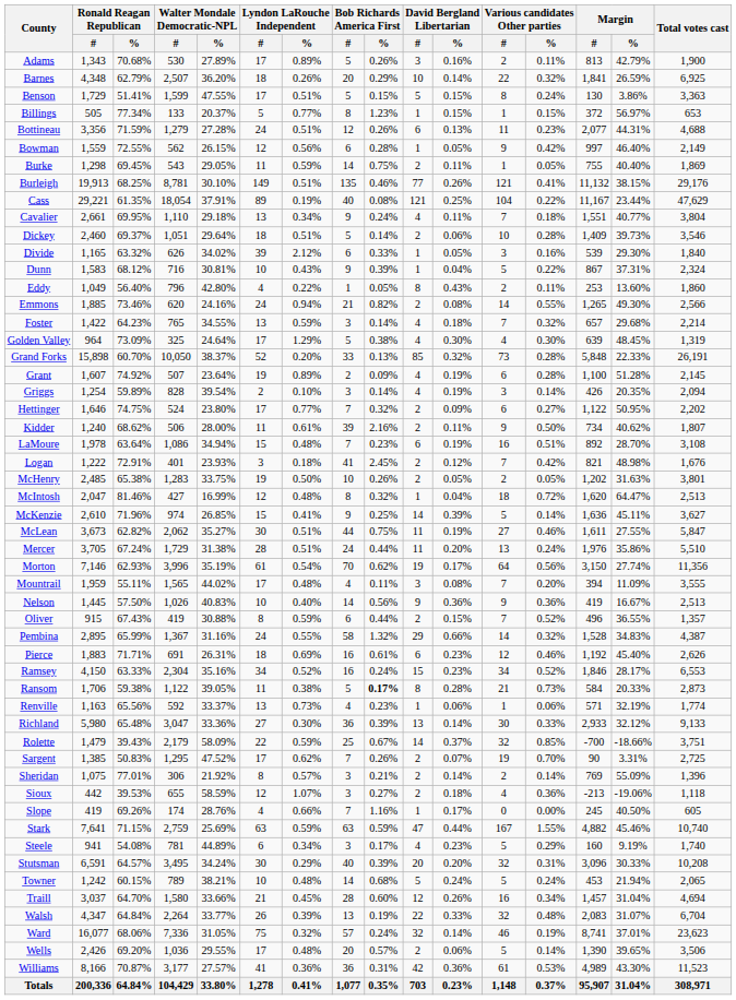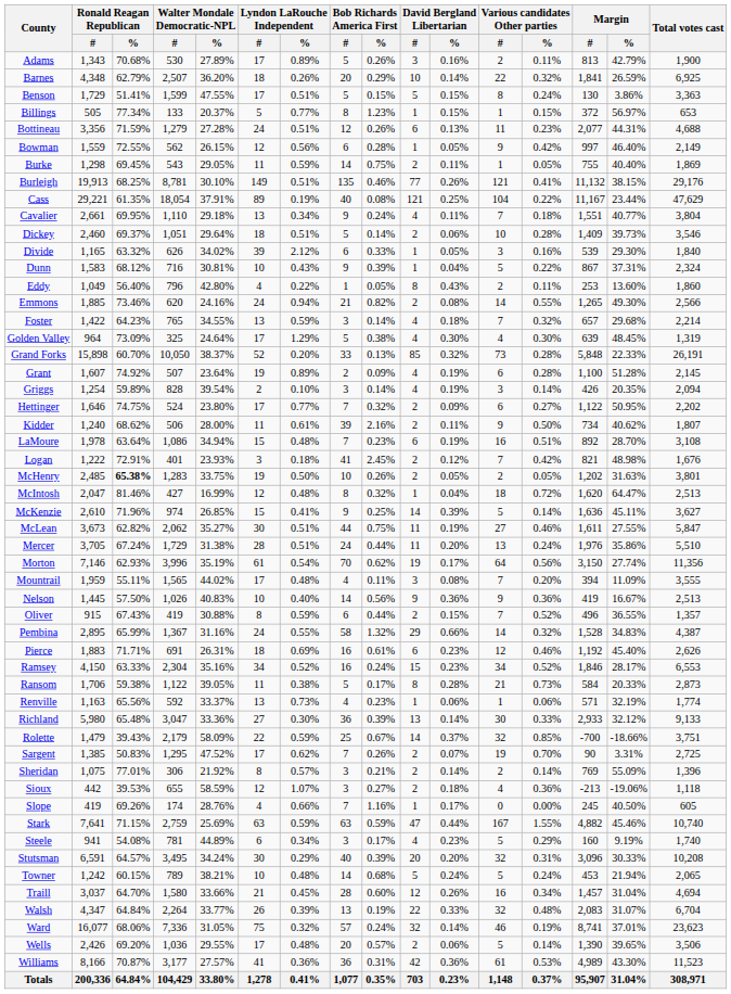 <table class="wikitable sortable">
 <tr>
 <th rowspan="2">County</th>
 <th colspan="2">Ronald Reagan<br>Republican</th>
 <th colspan="2">Walter Mondale<br>Democratic-NPL</th>
 <th colspan="2">Lyndon LaRouche<br>Independent</th>
 <th colspan="2">Bob Richards<br>America First</th>
 <th colspan="2">David Bergland<br>Libertarian</th>
 <th colspan="2">Various candidates<br>Other parties</th>
 <th colspan="2">Margin</th>
 <th rowspan="2">Total votes cast</th>
 </tr>
 <tr style="text-align:center;">
 <th data-sort-type="number">#</th>
 <th data-sort-type="number">%</th>
 <th data-sort-type="number">#</th>
 <th data-sort-type="number">%</th>
 <th data-sort-type="number">#</th>
 <th data-sort-type="number">%</th>
 <th data-sort-type="number">#</th>
 <th data-sort-type="number">%</th>
 <th data-sort-type="number">#</th>
 <th data-sort-type="number">%</th>
 <th data-sort-type="number">#</th>
 <th data-sort-type="number">%</th>
 <th data-sort-type="number">#</th>
 <th data-sort-type="number">%</th>
 </tr>
 <tr style="text-align:center;">
 <td><a href='#'>Adams</a></td>
 <td>1,343</td>
 <td>70.68%</td>
 <td>530</td>
 <td>27.89%</td>
 <td>17</td>
 <td>0.89%</td>
 <td>5</td>
 <td>0.26%</td>
 <td>3</td>
 <td>0.16%</td>
 <td>2</td>
 <td>0.11%</td>
 <td>813</td>
 <td>42.79%</td>
 <td>1,900</td>
 </tr>
 <tr style="text-align:center;">
 <td><a href='#'>Barnes</a></td>
 <td>4,348</td>
 <td>62.79%</td>
 <td>2,507</td>
 <td>36.20%</td>
 <td>18</td>
 <td>0.26%</td>
 <td>20</td>
 <td>0.29%</td>
 <td>10</td>
 <td>0.14%</td>
 <td>22</td>
 <td>0.32%</td>
 <td>1,841</td>
 <td>26.59%</td>
 <td>6,925</td>
 </tr>
 <tr style="text-align:center;">
 <td><a href='#'>Benson</a></td>
 <td>1,729</td>
 <td>51.41%</td>
 <td>1,599</td>
 <td>47.55%</td>
 <td>17</td>
 <td>0.51%</td>
 <td>5</td>
 <td>0.15%</td>
 <td>5</td>
 <td>0.15%</td>
 <td>8</td>
 <td>0.24%</td>
 <td>130</td>
 <td>3.86%</td>
 <td>3,363</td>
 </tr>
 <tr style="text-align:center;">
 <td><a href='#'>Billings</a></td>
 <td>505</td>
 <td>77.34%</td>
 <td>133</td>
 <td>20.37%</td>
 <td>5</td>
 <td>0.77%</td>
 <td>8</td>
 <td>1.23%</td>
 <td>1</td>
 <td>0.15%</td>
 <td>1</td>
 <td>0.15%</td>
 <td>372</td>
 <td>56.97%</td>
 <td>653</td>
 </tr>
 <tr style="text-align:center;">
 <td><a href='#'>Bottineau</a></td>
 <td>3,356</td>
 <td>71.59%</td>
 <td>1,279</td>
 <td>27.28%</td>
 <td>24</td>
 <td>0.51%</td>
 <td>12</td>
 <td>0.26%</td>
 <td>6</td>
 <td>0.13%</td>
 <td>11</td>
 <td>0.23%</td>
 <td>2,077</td>
 <td>44.31%</td>
 <td>4,688</td>
 </tr>
 <tr style="text-align:center;">
 <td><a href='#'>Bowman</a></td>
 <td>1,559</td>
 <td>72.55%</td>
 <td>562</td>
 <td>26.15%</td>
 <td>12</td>
 <td>0.56%</td>
 <td>6</td>
 <td>0.28%</td>
 <td>1</td>
 <td>0.05%</td>
 <td>9</td>
 <td>0.42%</td>
 <td>997</td>
 <td>46.40%</td>
 <td>2,149</td>
 </tr>
 <tr style="text-align:center;">
 <td><a href='#'>Burke</a></td>
 <td>1,298</td>
 <td>69.45%</td>
 <td>543</td>
 <td>29.05%</td>
 <td>11</td>
 <td>0.59%</td>
 <td>14</td>
 <td>0.75%</td>
 <td>2</td>
 <td>0.11%</td>
 <td>1</td>
 <td>0.05%</td>
 <td>755</td>
 <td>40.40%</td>
 <td>1,869</td>
 </tr>
 <tr style="text-align:center;">
 <td><a href='#'>Burleigh</a></td>
 <td>19,913</td>
 <td>68.25%</td>
 <td>8,781</td>
 <td>30.10%</td>
 <td>149</td>
 <td>0.51%</td>
 <td>135</td>
 <td>0.46%</td>
 <td>77</td>
 <td>0.26%</td>
 <td>121</td>
 <td>0.41%</td>
 <td>11,132</td>
 <td>38.15%</td>
 <td>29,176</td>
 </tr>
 <tr style="text-align:center;">
 <td><a href='#'>Cass</a></td>
 <td>29,221</td>
 <td>61.35%</td>
 <td>18,054</td>
 <td>37.91%</td>
 <td>89</td>
 <td>0.19%</td>
 <td>40</td>
 <td>0.08%</td>
 <td>121</td>
 <td>0.25%</td>
 <td>104</td>
 <td>0.22%</td>
 <td>11,167</td>
 <td>23.44%</td>
 <td>47,629</td>
 </tr>
 <tr style="text-align:center;">
 <td><a href='#'>Cavalier</a></td>
 <td>2,661</td>
 <td>69.95%</td>
 <td>1,110</td>
 <td>29.18%</td>
 <td>13</td>
 <td>0.34%</td>
 <td>9</td>
 <td>0.24%</td>
 <td>4</td>
 <td>0.11%</td>
 <td>7</td>
 <td>0.18%</td>
 <td>1,551</td>
 <td>40.77%</td>
 <td>3,804</td>
 </tr>
 <tr style="text-align:center;">
 <td><a href='#'>Dickey</a></td>
 <td>2,460</td>
 <td>69.37%</td>
 <td>1,051</td>
 <td>29.64%</td>
 <td>18</td>
 <td>0.51%</td>
 <td>5</td>
 <td>0.14%</td>
 <td>2</td>
 <td>0.06%</td>
 <td>10</td>
 <td>0.28%</td>
 <td>1,409</td>
 <td>39.73%</td>
 <td>3,546</td>
 </tr>
 <tr style="text-align:center;">
 <td><a href='#'>Divide</a></td>
 <td>1,165</td>
 <td>63.32%</td>
 <td>626</td>
 <td>34.02%</td>
 <td>39</td>
 <td>2.12%</td>
 <td>6</td>
 <td>0.33%</td>
 <td>1</td>
 <td>0.05%</td>
 <td>3</td>
 <td>0.16%</td>
 <td>539</td>
 <td>29.30%</td>
 <td>1,840</td>
 </tr>
 <tr style="text-align:center;">
 <td><a href='#'>Dunn</a></td>
 <td>1,583</td>
 <td>68.12%</td>
 <td>716</td>
 <td>30.81%</td>
 <td>10</td>
 <td>0.43%</td>
 <td>9</td>
 <td>0.39%</td>
 <td>1</td>
 <td>0.04%</td>
 <td>5</td>
 <td>0.22%</td>
 <td>867</td>
 <td>37.31%</td>
 <td>2,324</td>
 </tr>
 <tr style="text-align:center;">
 <td><a href='#'>Eddy</a></td>
 <td>1,049</td>
 <td>56.40%</td>
 <td>796</td>
 <td>42.80%</td>
 <td>4</td>
 <td>0.22%</td>
 <td>1</td>
 <td>0.05%</td>
 <td>8</td>
 <td>0.43%</td>
 <td>2</td>
 <td>0.11%</td>
 <td>253</td>
 <td>13.60%</td>
 <td>1,860</td>
 </tr>
 <tr style="text-align:center;">
 <td><a href='#'>Emmons</a></td>
 <td>1,885</td>
 <td>73.46%</td>
 <td>620</td>
 <td>24.16%</td>
 <td>24</td>
 <td>0.94%</td>
 <td>21</td>
 <td>0.82%</td>
 <td>2</td>
 <td>0.08%</td>
 <td>14</td>
 <td>0.55%</td>
 <td>1,265</td>
 <td>49.30%</td>
 <td>2,566</td>
 </tr>
 <tr style="text-align:center;">
 <td><a href='#'>Foster</a></td>
 <td>1,422</td>
 <td>64.23%</td>
 <td>765</td>
 <td>34.55%</td>
 <td>13</td>
 <td>0.59%</td>
 <td>3</td>
 <td>0.14%</td>
 <td>4</td>
 <td>0.18%</td>
 <td>7</td>
 <td>0.32%</td>
 <td>657</td>
 <td>29.68%</td>
 <td>2,214</td>
 </tr>
 <tr style="text-align:center;">
 <td><a href='#'>Golden Valley</a></td>
 <td>964</td>
 <td>73.09%</td>
 <td>325</td>
 <td>24.64%</td>
 <td>17</td>
 <td>1.29%</td>
 <td>5</td>
 <td>0.38%</td>
 <td>4</td>
 <td>0.30%</td>
 <td>4</td>
 <td>0.30%</td>
 <td>639</td>
 <td>48.45%</td>
 <td>1,319</td>
 </tr>
 <tr style="text-align:center;">
 <td><a href='#'>Grand Forks</a></td>
 <td>15,898</td>
 <td>60.70%</td>
 <td>10,050</td>
 <td>38.37%</td>
 <td>52</td>
 <td>0.20%</td>
 <td>33</td>
 <td>0.13%</td>
 <td>85</td>
 <td>0.32%</td>
 <td>73</td>
 <td>0.28%</td>
 <td>5,848</td>
 <td>22.33%</td>
 <td>26,191</td>
 </tr>
 <tr style="text-align:center;">
 <td><a href='#'>Grant</a></td>
 <td>1,607</td>
 <td>74.92%</td>
 <td>507</td>
 <td>23.64%</td>
 <td>19</td>
 <td>0.89%</td>
 <td>2</td>
 <td>0.09%</td>
 <td>4</td>
 <td>0.19%</td>
 <td>6</td>
 <td>0.28%</td>
 <td>1,100</td>
 <td>51.28%</td>
 <td>2,145</td>
 </tr>
 <tr style="text-align:center;">
 <td><a href='#'>Griggs</a></td>
 <td>1,254</td>
 <td>59.89%</td>
 <td>828</td>
 <td>39.54%</td>
 <td>2</td>
 <td>0.10%</td>
 <td>3</td>
 <td>0.14%</td>
 <td>4</td>
 <td>0.19%</td>
 <td>3</td>
 <td>0.14%</td>
 <td>426</td>
 <td>20.35%</td>
 <td>2,094</td>
 </tr>
 <tr style="text-align:center;">
 <td><a href='#'>Hettinger</a></td>
 <td>1,646</td>
 <td>74.75%</td>
 <td>524</td>
 <td>23.80%</td>
 <td>17</td>
 <td>0.77%</td>
 <td>7</td>
 <td>0.32%</td>
 <td>2</td>
 <td>0.09%</td>
 <td>6</td>
 <td>0.27%</td>
 <td>1,122</td>
 <td>50.95%</td>
 <td>2,202</td>
 </tr>
 <tr style="text-align:center;">
 <td><a href='#'>Kidder</a></td>
 <td>1,240</td>
 <td>68.62%</td>
 <td>506</td>
 <td>28.00%</td>
 <td>11</td>
 <td>0.61%</td>
 <td>39</td>
 <td>2.16%</td>
 <td>2</td>
 <td>0.11%</td>
 <td>9</td>
 <td>0.50%</td>
 <td>734</td>
 <td>40.62%</td>
 <td>1,807</td>
 </tr>
 <tr style="text-align:center;">
 <td><a href='#'>LaMoure</a></td>
 <td>1,978</td>
 <td>63.64%</td>
 <td>1,086</td>
 <td>34.94%</td>
 <td>15</td>
 <td>0.48%</td>
 <td>7</td>
 <td>0.23%</td>
 <td>6</td>
 <td>0.19%</td>
 <td>16</td>
 <td>0.51%</td>
 <td>892</td>
 <td>28.70%</td>
 <td>3,108</td>
 </tr>
 <tr style="text-align:center;">
 <td><a href='#'>Logan</a></td>
 <td>1,222</td>
 <td>72.91%</td>
 <td>401</td>
 <td>23.93%</td>
 <td>3</td>
 <td>0.18%</td>
 <td>41</td>
 <td>2.45%</td>
 <td>2</td>
 <td>0.12%</td>
 <td>7</td>
 <td>0.42%</td>
 <td>821</td>
 <td>48.98%</td>
 <td>1,676</td>
 </tr>
 <tr style="text-align:center;">
 <td><a href='#'>McHenry</a></td>
 <td>2,485</td>
-<td>65.38%</td>
+<td><strong>65.38%</strong></td>
 <td>1,283</td>
 <td>33.75%</td>
 <td>19</td>
 <td>0.50%</td>
 <td>10</td>
 <td>0.26%</td>
 <td>2</td>
 <td>0.05%</td>
 <td>2</td>
 <td>0.05%</td>
 <td>1,202</td>
 <td>31.63%</td>
 <td>3,801</td>
 </tr>
 <tr style="text-align:center;">
 <td><a href='#'>McIntosh</a></td>
 <td>2,047</td>
 <td>81.46%</td>
 <td>427</td>
 <td>16.99%</td>
 <td>12</td>
 <td>0.48%</td>
 <td>8</td>
 <td>0.32%</td>
 <td>1</td>
 <td>0.04%</td>
 <td>18</td>
 <td>0.72%</td>
 <td>1,620</td>
 <td>64.47%</td>
 <td>2,513</td>
 </tr>
 <tr style="text-align:center;">
 <td><a href='#'>McKenzie</a></td>
 <td>2,610</td>
 <td>71.96%</td>
 <td>974</td>
 <td>26.85%</td>
 <td>15</td>
 <td>0.41%</td>
 <td>9</td>
 <td>0.25%</td>
 <td>14</td>
 <td>0.39%</td>
 <td>5</td>
 <td>0.14%</td>
 <td>1,636</td>
 <td>45.11%</td>
 <td>3,627</td>
 </tr>
 <tr style="text-align:center;">
 <td><a href='#'>McLean</a></td>
 <td>3,673</td>
 <td>62.82%</td>
 <td>2,062</td>
 <td>35.27%</td>
 <td>30</td>
 <td>0.51%</td>
 <td>44</td>
 <td>0.75%</td>
 <td>11</td>
 <td>0.19%</td>
 <td>27</td>
 <td>0.46%</td>
 <td>1,611</td>
 <td>27.55%</td>
 <td>5,847</td>
 </tr>
 <tr style="text-align:center;">
 <td><a href='#'>Mercer</a></td>
 <td>3,705</td>
 <td>67.24%</td>
 <td>1,729</td>
 <td>31.38%</td>
 <td>28</td>
 <td>0.51%</td>
 <td>24</td>
 <td>0.44%</td>
 <td>11</td>
 <td>0.20%</td>
 <td>13</td>
 <td>0.24%</td>
 <td>1,976</td>
 <td>35.86%</td>
 <td>5,510</td>
 </tr>
 <tr style="text-align:center;">
 <td><a href='#'>Morton</a></td>
 <td>7,146</td>
 <td>62.93%</td>
 <td>3,996</td>
 <td>35.19%</td>
 <td>61</td>
 <td>0.54%</td>
 <td>70</td>
 <td>0.62%</td>
 <td>19</td>
 <td>0.17%</td>
 <td>64</td>
 <td>0.56%</td>
 <td>3,150</td>
 <td>27.74%</td>
 <td>11,356</td>
 </tr>
 <tr style="text-align:center;">
 <td><a href='#'>Mountrail</a></td>
 <td>1,959</td>
 <td>55.11%</td>
 <td>1,565</td>
 <td>44.02%</td>
 <td>17</td>
 <td>0.48%</td>
 <td>4</td>
 <td>0.11%</td>
 <td>3</td>
 <td>0.08%</td>
 <td>7</td>
 <td>0.20%</td>
 <td>394</td>
 <td>11.09%</td>
 <td>3,555</td>
 </tr>
 <tr style="text-align:center;">
 <td><a href='#'>Nelson</a></td>
 <td>1,445</td>
 <td>57.50%</td>
 <td>1,026</td>
 <td>40.83%</td>
 <td>10</td>
 <td>0.40%</td>
 <td>14</td>
 <td>0.56%</td>
 <td>9</td>
 <td>0.36%</td>
 <td>9</td>
 <td>0.36%</td>
 <td>419</td>
 <td>16.67%</td>
 <td>2,513</td>
 </tr>
 <tr style="text-align:center;">
 <td><a href='#'>Oliver</a></td>
 <td>915</td>
 <td>67.43%</td>
 <td>419</td>
 <td>30.88%</td>
 <td>8</td>
 <td>0.59%</td>
 <td>6</td>
 <td>0.44%</td>
 <td>2</td>
 <td>0.15%</td>
 <td>7</td>
 <td>0.52%</td>
 <td>496</td>
 <td>36.55%</td>
 <td>1,357</td>
 </tr>
 <tr style="text-align:center;">
 <td><a href='#'>Pembina</a></td>
 <td>2,895</td>
 <td>65.99%</td>
 <td>1,367</td>
 <td>31.16%</td>
 <td>24</td>
 <td>0.55%</td>
 <td>58</td>
 <td>1.32%</td>
 <td>29</td>
 <td>0.66%</td>
 <td>14</td>
 <td>0.32%</td>
 <td>1,528</td>
 <td>34.83%</td>
 <td>4,387</td>
 </tr>
 <tr style="text-align:center;">
 <td><a href='#'>Pierce</a></td>
 <td>1,883</td>
 <td>71.71%</td>
 <td>691</td>
 <td>26.31%</td>
 <td>18</td>
 <td>0.69%</td>
 <td>16</td>
 <td>0.61%</td>
 <td>6</td>
 <td>0.23%</td>
 <td>12</td>
 <td>0.46%</td>
 <td>1,192</td>
 <td>45.40%</td>
 <td>2,626</td>
 </tr>
 <tr style="text-align:center;">
 <td><a href='#'>Ramsey</a></td>
 <td>4,150</td>
 <td>63.33%</td>
 <td>2,304</td>
 <td>35.16%</td>
 <td>34</td>
 <td>0.52%</td>
 <td>16</td>
 <td>0.24%</td>
 <td>15</td>
 <td>0.23%</td>
 <td>34</td>
 <td>0.52%</td>
 <td>1,846</td>
 <td>28.17%</td>
 <td>6,553</td>
 </tr>
 <tr style="text-align:center;">
 <td><a href='#'>Ransom</a></td>
 <td>1,706</td>
 <td>59.38%</td>
 <td>1,122</td>
 <td>39.05%</td>
 <td>11</td>
 <td>0.38%</td>
 <td>5</td>
-<td><strong>0.17%</strong></td>
+<td>0.17%</td>
 <td>8</td>
 <td>0.28%</td>
 <td>21</td>
 <td>0.73%</td>
 <td>584</td>
 <td>20.33%</td>
 <td>2,873</td>
 </tr>
 <tr style="text-align:center;">
 <td><a href='#'>Renville</a></td>
 <td>1,163</td>
 <td>65.56%</td>
 <td>592</td>
 <td>33.37%</td>
 <td>13</td>
 <td>0.73%</td>
 <td>4</td>
 <td>0.23%</td>
 <td>1</td>
 <td>0.06%</td>
 <td>1</td>
 <td>0.06%</td>
 <td>571</td>
 <td>32.19%</td>
 <td>1,774</td>
 </tr>
 <tr style="text-align:center;">
 <td><a href='#'>Richland</a></td>
 <td>5,980</td>
 <td>65.48%</td>
 <td>3,047</td>
 <td>33.36%</td>
 <td>27</td>
 <td>0.30%</td>
 <td>36</td>
 <td>0.39%</td>
 <td>13</td>
 <td>0.14%</td>
 <td>30</td>
 <td>0.33%</td>
 <td>2,933</td>
 <td>32.12%</td>
 <td>9,133</td>
 </tr>
 <tr style="text-align:center;">
 <td><a href='#'>Rolette</a></td>
 <td>1,479</td>
 <td>39.43%</td>
 <td>2,179</td>
 <td>58.09%</td>
 <td>22</td>
 <td>0.59%</td>
 <td>25</td>
 <td>0.67%</td>
 <td>14</td>
 <td>0.37%</td>
 <td>32</td>
 <td>0.85%</td>
 <td>-700</td>
 <td>-18.66%</td>
 <td>3,751</td>
 </tr>
 <tr style="text-align:center;">
 <td><a href='#'>Sargent</a></td>
 <td>1,385</td>
 <td>50.83%</td>
 <td>1,295</td>
 <td>47.52%</td>
 <td>17</td>
 <td>0.62%</td>
 <td>7</td>
 <td>0.26%</td>
 <td>2</td>
 <td>0.07%</td>
 <td>19</td>
 <td>0.70%</td>
 <td>90</td>
 <td>3.31%</td>
 <td>2,725</td>
 </tr>
 <tr style="text-align:center;">
 <td><a href='#'>Sheridan</a></td>
 <td>1,075</td>
 <td>77.01%</td>
 <td>306</td>
 <td>21.92%</td>
 <td>8</td>
 <td>0.57%</td>
 <td>3</td>
 <td>0.21%</td>
 <td>2</td>
 <td>0.14%</td>
 <td>2</td>
 <td>0.14%</td>
 <td>769</td>
 <td>55.09%</td>
 <td>1,396</td>
 </tr>
 <tr style="text-align:center;">
 <td><a href='#'>Sioux</a></td>
 <td>442</td>
 <td>39.53%</td>
 <td>655</td>
 <td>58.59%</td>
 <td>12</td>
 <td>1.07%</td>
 <td>3</td>
 <td>0.27%</td>
 <td>2</td>
 <td>0.18%</td>
 <td>4</td>
 <td>0.36%</td>
 <td>-213</td>
 <td>-19.06%</td>
 <td>1,118</td>
 </tr>
 <tr style="text-align:center;">
 <td><a href='#'>Slope</a></td>
 <td>419</td>
 <td>69.26%</td>
 <td>174</td>
 <td>28.76%</td>
 <td>4</td>
 <td>0.66%</td>
 <td>7</td>
 <td>1.16%</td>
 <td>1</td>
 <td>0.17%</td>
 <td>0</td>
 <td>0.00%</td>
 <td>245</td>
 <td>40.50%</td>
 <td>605</td>
 </tr>
 <tr style="text-align:center;">
 <td><a href='#'>Stark</a></td>
 <td>7,641</td>
 <td>71.15%</td>
 <td>2,759</td>
 <td>25.69%</td>
 <td>63</td>
 <td>0.59%</td>
 <td>63</td>
 <td>0.59%</td>
 <td>47</td>
 <td>0.44%</td>
 <td>167</td>
 <td>1.55%</td>
 <td>4,882</td>
 <td>45.46%</td>
 <td>10,740</td>
 </tr>
 <tr style="text-align:center;">
 <td><a href='#'>Steele</a></td>
 <td>941</td>
 <td>54.08%</td>
 <td>781</td>
 <td>44.89%</td>
 <td>6</td>
 <td>0.34%</td>
 <td>3</td>
 <td>0.17%</td>
 <td>4</td>
 <td>0.23%</td>
 <td>5</td>
 <td>0.29%</td>
 <td>160</td>
 <td>9.19%</td>
 <td>1,740</td>
 </tr>
 <tr style="text-align:center;">
 <td><a href='#'>Stutsman</a></td>
 <td>6,591</td>
 <td>64.57%</td>
 <td>3,495</td>
 <td>34.24%</td>
 <td>30</td>
 <td>0.29%</td>
 <td>40</td>
 <td>0.39%</td>
 <td>20</td>
 <td>0.20%</td>
 <td>32</td>
 <td>0.31%</td>
 <td>3,096</td>
 <td>30.33%</td>
 <td>10,208</td>
 </tr>
 <tr style="text-align:center;">
 <td><a href='#'>Towner</a></td>
 <td>1,242</td>
 <td>60.15%</td>
 <td>789</td>
 <td>38.21%</td>
 <td>10</td>
 <td>0.48%</td>
 <td>14</td>
 <td>0.68%</td>
 <td>5</td>
 <td>0.24%</td>
 <td>5</td>
 <td>0.24%</td>
 <td>453</td>
 <td>21.94%</td>
 <td>2,065</td>
 </tr>
 <tr style="text-align:center;">
 <td><a href='#'>Traill</a></td>
 <td>3,037</td>
 <td>64.70%</td>
 <td>1,580</td>
 <td>33.66%</td>
 <td>21</td>
 <td>0.45%</td>
 <td>28</td>
 <td>0.60%</td>
 <td>12</td>
 <td>0.26%</td>
 <td>16</td>
 <td>0.34%</td>
 <td>1,457</td>
 <td>31.04%</td>
 <td>4,694</td>
 </tr>
 <tr style="text-align:center;">
 <td><a href='#'>Walsh</a></td>
 <td>4,347</td>
 <td>64.84%</td>
 <td>2,264</td>
 <td>33.77%</td>
 <td>26</td>
 <td>0.39%</td>
 <td>13</td>
 <td>0.19%</td>
 <td>22</td>
 <td>0.33%</td>
 <td>32</td>
 <td>0.48%</td>
 <td>2,083</td>
 <td>31.07%</td>
 <td>6,704</td>
 </tr>
 <tr style="text-align:center;">
 <td><a href='#'>Ward</a></td>
 <td>16,077</td>
 <td>68.06%</td>
 <td>7,336</td>
 <td>31.05%</td>
 <td>75</td>
 <td>0.32%</td>
 <td>57</td>
 <td>0.24%</td>
 <td>32</td>
 <td>0.14%</td>
 <td>46</td>
 <td>0.19%</td>
 <td>8,741</td>
 <td>37.01%</td>
 <td>23,623</td>
 </tr>
 <tr style="text-align:center;">
 <td><a href='#'>Wells</a></td>
 <td>2,426</td>
 <td>69.20%</td>
 <td>1,036</td>
 <td>29.55%</td>
 <td>17</td>
 <td>0.48%</td>
 <td>20</td>
 <td>0.57%</td>
 <td>2</td>
 <td>0.06%</td>
 <td>5</td>
 <td>0.14%</td>
 <td>1,390</td>
 <td>39.65%</td>
 <td>3,506</td>
 </tr>
 <tr style="text-align:center;">
 <td><a href='#'>Williams</a></td>
 <td>8,166</td>
 <td>70.87%</td>
 <td>3,177</td>
 <td>27.57%</td>
 <td>41</td>
 <td>0.36%</td>
 <td>36</td>
 <td>0.31%</td>
 <td>42</td>
 <td>0.36%</td>
 <td>61</td>
 <td>0.53%</td>
 <td>4,989</td>
 <td>43.30%</td>
 <td>11,523</td>
 </tr>
 <tr>
 <th>Totals</th>
 <th>200,336</th>
 <th>64.84%</th>
 <th>104,429</th>
 <th>33.80%</th>
 <th>1,278</th>
 <th>0.41%</th>
 <th>1,077</th>
 <th>0.35%</th>
 <th>703</th>
 <th>0.23%</th>
 <th>1,148</th>
 <th>0.37%</th>
 <th>95,907</th>
 <th>31.04%</th>
 <th>308,971</th>
 </tr>
 </table>
